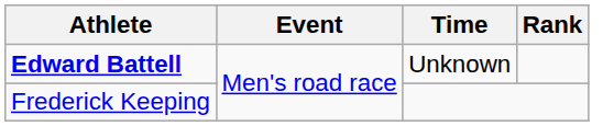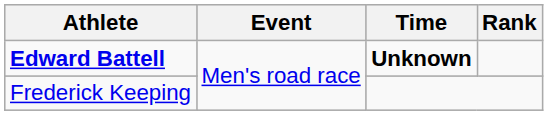 <table class=wikitable style=font-size:90%;text-align:center>
 <tr>
 <th>Athlete</th>
 <th>Event</th>
 <th>Time</th>
 <th>Rank</th>
 </tr>
 <tr>
 <td align=left><strong><a href='#'>Edward Battell</a></strong></td>
 <td align=left rowspan=2><a href='#'>Men's road race</a></td>
-<td>Unknown</td>
+<td><strong>Unknown</strong></td>
 <td></td>
 </tr>
 <tr>
 <td align=left><a href='#'>Frederick Keeping</a></td>
 <td colspan=2></td>
 </tr>
 </table>
